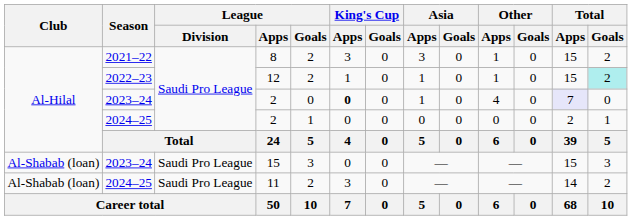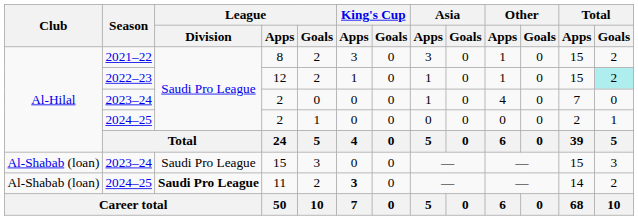 <table class="wikitable" style="text-align: center">
 <tr>
 <th rowspan="2">Club</th>
 <th rowspan="2">Season</th>
 <th colspan="3">League</th>
 <th colspan="2"><a href='#'>King's Cup</a></th>
 <th colspan="2">Asia</th>
 <th colspan="2">Other</th>
 <th colspan="2">Total</th>
 </tr>
 <tr>
 <th>Division</th>
 <th>Apps</th>
 <th>Goals</th>
 <th>Apps</th>
 <th>Goals</th>
 <th>Apps</th>
 <th>Goals</th>
 <th>Apps</th>
 <th>Goals</th>
 <th>Apps</th>
 <th>Goals</th>
 </tr>
 <tr>
 <td rowspan="5"><a href='#'>Al-Hilal</a></td>
 <td><a href='#'>2021–22</a></td>
 <td rowspan="4"><a href='#'>Saudi Pro League</a></td>
 <td>8</td>
 <td>2</td>
 <td>3</td>
 <td>0</td>
 <td>3</td>
 <td>0</td>
 <td>1</td>
 <td>0</td>
 <td>15</td>
 <td>2</td>
 </tr>
 <tr>
 <td><a href='#'>2022–23</a></td>
 <td>12</td>
 <td>2</td>
 <td>1</td>
 <td>0</td>
 <td>1</td>
 <td>0</td>
 <td>1</td>
 <td>0</td>
 <td>15</td>
 <td style="background: paleturquoise;">2</td>
 </tr>
 <tr>
 <td><a href='#'>2023–24</a></td>
 <td>2</td>
 <td>0</td>
-<td><strong>0</strong></td>
+<td>0</td>
 <td>0</td>
 <td>1</td>
 <td>0</td>
 <td>4</td>
 <td>0</td>
-<td style="background: lavender;">7</td>
+<td>7</td>
 <td>0</td>
 </tr>
 <tr>
 <td><a href='#'>2024–25</a></td>
 <td>2</td>
 <td>1</td>
 <td>0</td>
 <td>0</td>
 <td>0</td>
 <td>0</td>
 <td>0</td>
 <td>0</td>
 <td>2</td>
 <td>1</td>
 </tr>
 <tr>
 <th colspan="2">Total</th>
 <th>24</th>
 <th>5</th>
 <th>4</th>
 <th>0</th>
 <th>5</th>
 <th>0</th>
 <th>6</th>
 <th>0</th>
 <th>39</th>
 <th>5</th>
 </tr>
 <tr>
 <td><a href='#'>Al-Shabab</a> (loan)</td>
 <td><a href='#'>2023–24</a></td>
 <td>Saudi Pro League</td>
 <td>15</td>
 <td>3</td>
 <td>0</td>
 <td>0</td>
 <td colspan=2>—</td>
 <td colspan=2>—</td>
 <td>15</td>
 <td>3</td>
 </tr>
 <tr>
 <td>Al-Shabab (loan)</td>
 <td><a href='#'>2024–25</a></td>
-<td>Saudi Pro League</td>
+<td><strong>Saudi Pro League</strong></td>
 <td>11</td>
 <td>2</td>
-<td>3</td>
+<td><strong>3</strong></td>
 <td>0</td>
 <td colspan=2>—</td>
 <td colspan=2>—</td>
 <td>14</td>
 <td>2</td>
 </tr>
 <tr>
 <th colspan="3">Career total</th>
 <th>50</th>
 <th>10</th>
 <th>7</th>
 <th>0</th>
 <th>5</th>
 <th>0</th>
 <th>6</th>
 <th>0</th>
 <th>68</th>
 <th>10</th>
 </tr>
 </table>
